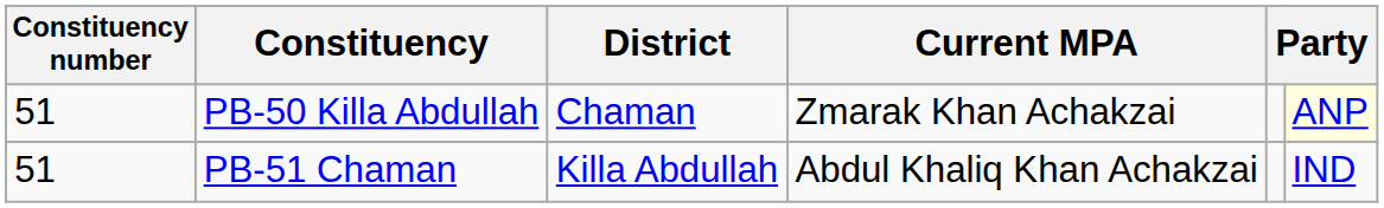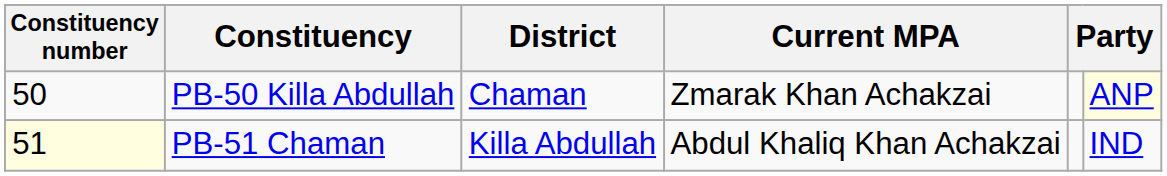 <table class="wikitable">
 <tr>
 <th width="50px" style="font-size:75%">Constituency number</th>
 <th>Constituency</th>
 <th>District</th>
 <th>Current MPA</th>
 <th colspan="2">Party</th>
 </tr>
 <tr>
-<td>51</td>
+<td>50</td>
 <td><a href='#'>PB-50 Killa Abdullah</a></td>
 <td><a href='#'>Chaman</a></td>
 <td>Zmarak Khan Achakzai</td>
 <td></td>
 <td style="background: lightyellow;"><a href='#'>ANP</a></td>
 </tr>
 <tr>
-<td>51</td>
+<td style="background: lightyellow;">51</td>
 <td><a href='#'>PB-51 Chaman</a></td>
 <td><a href='#'>Killa Abdullah</a></td>
 <td>Abdul Khaliq Khan Achakzai</td>
 <td></td>
 <td><a href='#'>IND</a></td>
 </tr>
 </table>
